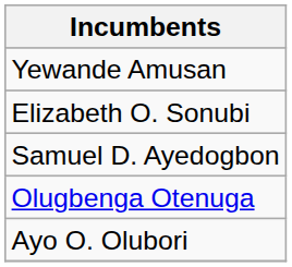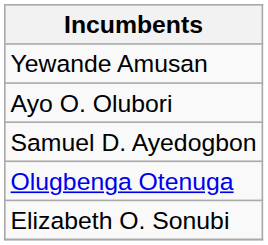 <table class="wikitable" style="font-size: 95%;">
 <tr>
 <th>Incumbents</th>
 </tr>
 <tr>
 <td>Yewande Amusan</td>
 </tr>
 <tr>
-<td>Elizabeth O. Sonubi</td>
+<td>Ayo O. Olubori</td>
 </tr>
 <tr>
 <td>Samuel D. Ayedogbon</td>
 </tr>
 <tr>
 <td><a href='#'>Olugbenga Otenuga</a></td>
 </tr>
 <tr>
-<td>Ayo O. Olubori</td>
+<td>Elizabeth O. Sonubi</td>
 </tr>
 <tr>
 </tr>
 </table>
